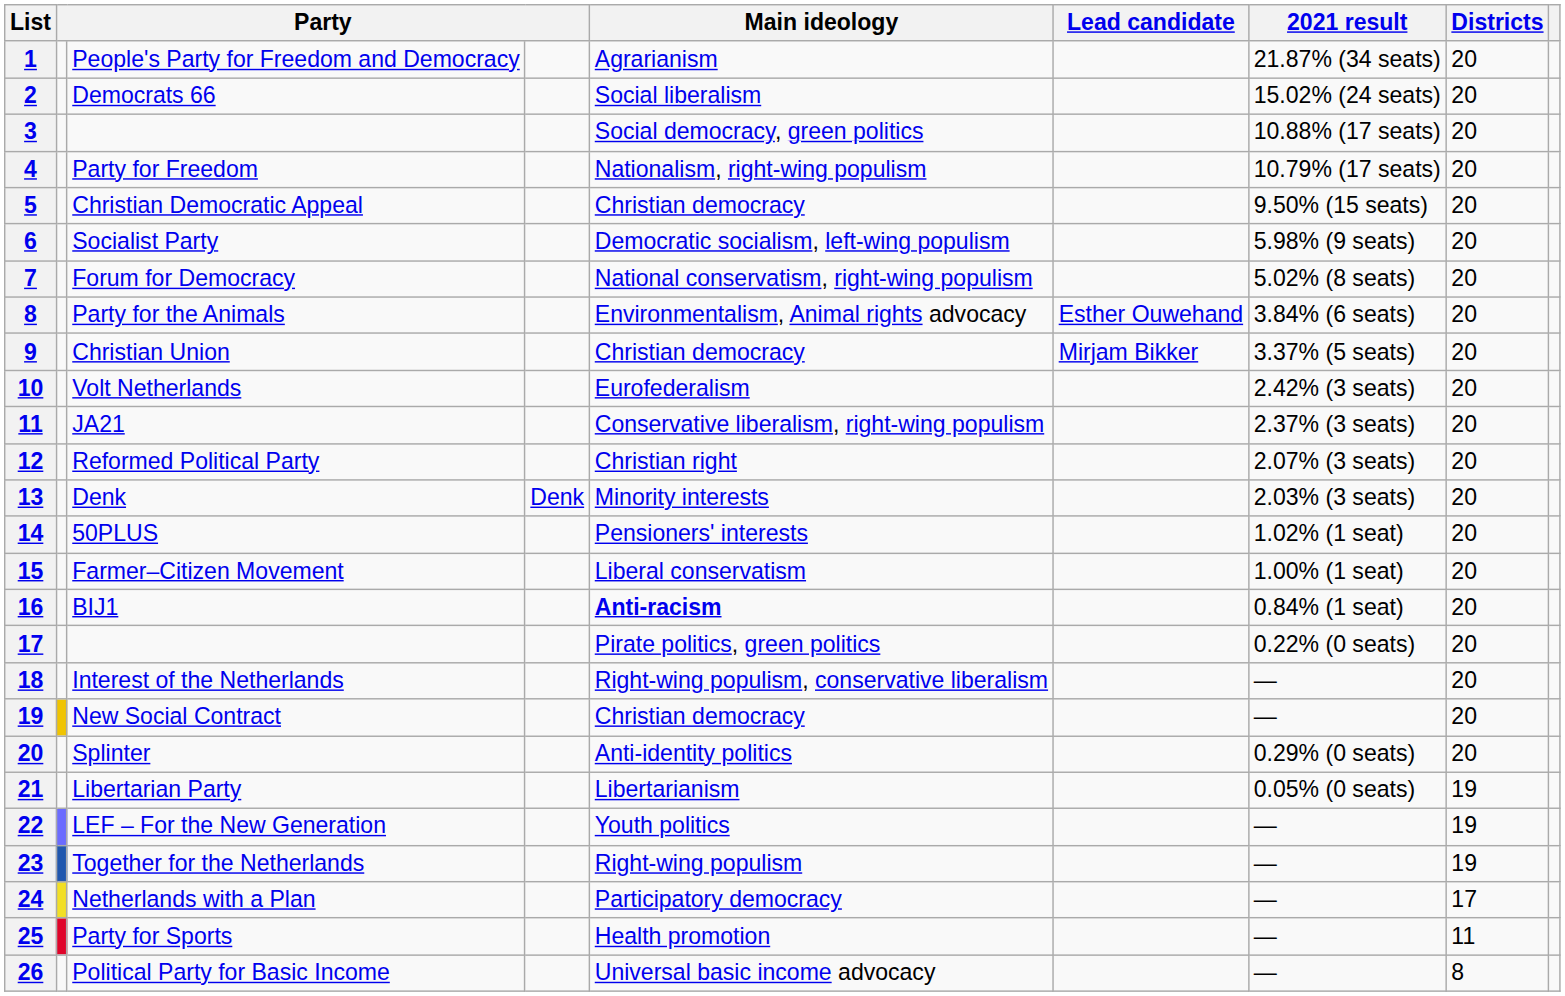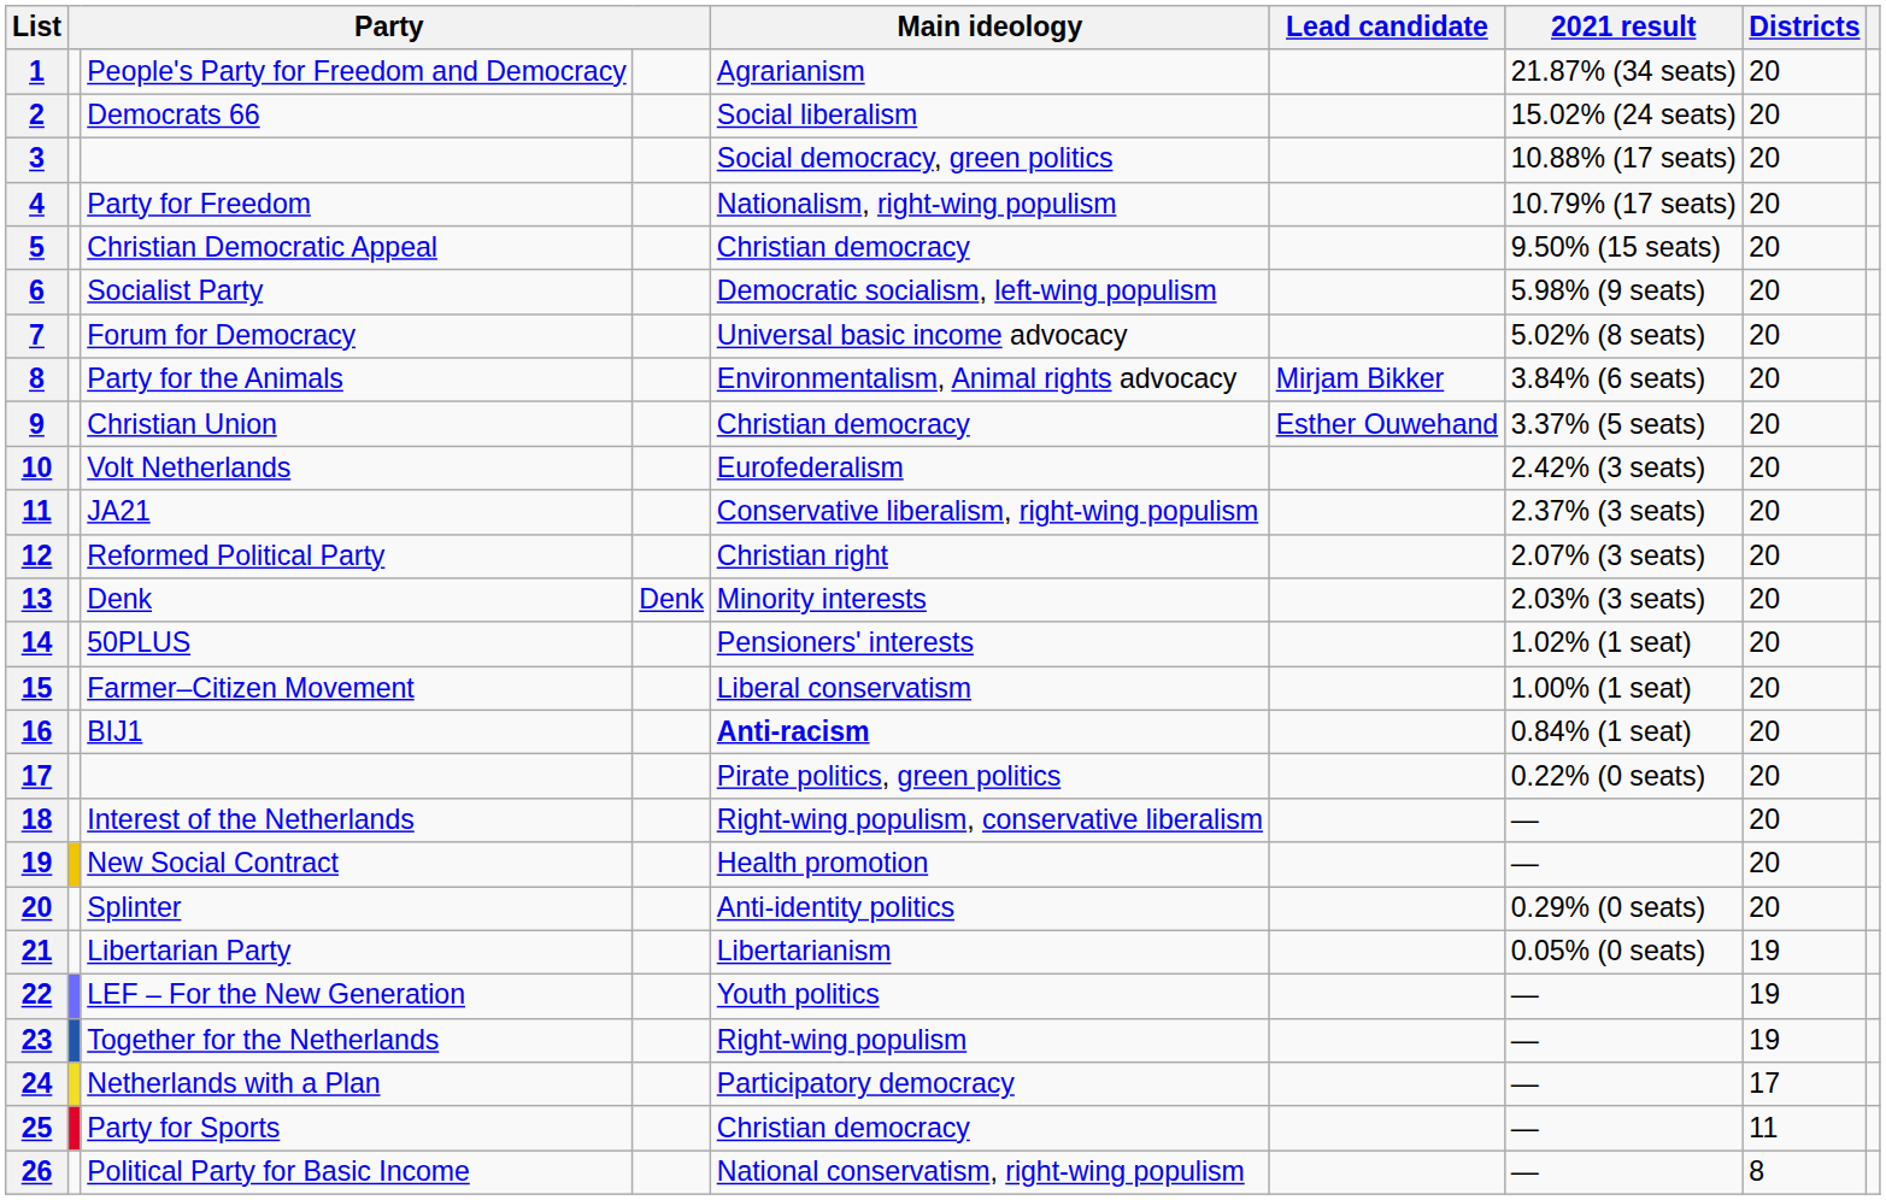 <table class="wikitable sortable">
 <tr>
 <th>List</th>
 <th colspan="3">Party</th>
 <th>Main ideology</th>
 <th><a href='#'>Lead candidate</a></th>
 <th><a href='#'>2021 result</a></th>
 <th><a href='#'>Districts</a></th>
 <th class="unsortable"></th>
 </tr>
 <tr>
 <th scope="row"><a href='#'>1</a></th>
 <td style="background:"></td>
 <td><a href='#'>People's Party for Freedom and Democracy</a></td>
 <td style="text-align:center;"></td>
 <td><a href='#'>Agrarianism</a></td>
 <td></td>
 <td>21.87% (34 seats)</td>
 <td>20</td>
 <td style="text-align:center;"></td>
 </tr>
 <tr>
 <th scope="row"><a href='#'>2</a></th>
 <td style="background:"></td>
 <td><a href='#'>Democrats 66</a></td>
 <td style="text-align:center;"></td>
 <td><a href='#'>Social liberalism</a></td>
 <td></td>
 <td>15.02% (24 seats)</td>
 <td>20</td>
 <td style="text-align:center;"></td>
 </tr>
 <tr>
 <th scope="row"><a href='#'>3</a></th>
 <td style="background:"></td>
 <td></td>
 <td style="text-align:center;"></td>
 <td><a href='#'>Social democracy</a>, <a href='#'>green politics</a></td>
 <td></td>
 <td>10.88% (17 seats)</td>
 <td>20</td>
 <td style="text-align:center;"></td>
 </tr>
 <tr>
 <th scope="row"><a href='#'>4</a></th>
 <td style="background:"></td>
 <td><a href='#'>Party for Freedom</a></td>
 <td style="text-align:center;"></td>
 <td><a href='#'>Nationalism</a>, <a href='#'>right-wing populism</a></td>
 <td></td>
 <td>10.79% (17 seats)</td>
 <td>20</td>
 <td style="text-align:center;"></td>
 </tr>
 <tr>
 <th scope="row"><a href='#'>5</a></th>
 <td style="background:"></td>
 <td><a href='#'>Christian Democratic Appeal</a></td>
 <td style="text-align:center;"></td>
 <td><a href='#'>Christian democracy</a></td>
 <td></td>
 <td>9.50% (15 seats)</td>
 <td>20</td>
 <td style="text-align:center;"></td>
 </tr>
 <tr>
 <th scope="row"><a href='#'>6</a></th>
 <td style="background:"></td>
 <td><a href='#'>Socialist Party</a></td>
 <td style="text-align:center;"></td>
 <td><a href='#'>Democratic socialism</a>, <a href='#'>left-wing populism</a></td>
 <td></td>
 <td>5.98% (9 seats)</td>
 <td>20</td>
 <td style="text-align:center;"></td>
 </tr>
 <tr>
 <th scope="row"><a href='#'>7</a></th>
 <td style="background:"></td>
 <td><a href='#'>Forum for Democracy</a></td>
 <td style="text-align:center;"></td>
-<td><a href='#'>National conservatism</a>, <a href='#'>right-wing populism</a></td>
+<td><a href='#'>Universal basic income</a> advocacy</td>
 <td></td>
 <td>5.02% (8 seats)</td>
 <td>20</td>
 <td style="text-align:center;"></td>
 </tr>
 <tr>
 <th scope="row"><a href='#'>8</a></th>
 <td style="background:"></td>
 <td><a href='#'>Party for the Animals</a></td>
 <td style="text-align:center;"></td>
 <td><a href='#'>Environmentalism</a>, <a href='#'>Animal rights</a> advocacy</td>
-<td><a href='#'>Esther Ouwehand</a></td>
+<td><a href='#'>Mirjam Bikker</a></td>
 <td>3.84% (6 seats)</td>
 <td>20</td>
 <td style="text-align:center;"></td>
 </tr>
 <tr>
 <th scope="row"><a href='#'>9</a></th>
 <td style="background:"></td>
 <td><a href='#'>Christian Union</a></td>
 <td style="text-align:center;"></td>
 <td><a href='#'>Christian democracy</a></td>
-<td><a href='#'>Mirjam Bikker</a></td>
+<td><a href='#'>Esther Ouwehand</a></td>
 <td>3.37% (5 seats)</td>
 <td>20</td>
 <td style="text-align:center;"></td>
 </tr>
 <tr>
 <th scope="row"><a href='#'>10</a></th>
 <td style="background:"></td>
 <td><a href='#'>Volt Netherlands</a></td>
 <td style="text-align:center;"></td>
 <td><a href='#'>Eurofederalism</a></td>
 <td></td>
 <td>2.42% (3 seats)</td>
 <td>20</td>
 <td style="text-align:center;"></td>
 </tr>
 <tr>
 <th scope="row"><a href='#'>11</a></th>
 <td style="background:"></td>
 <td><a href='#'>JA21</a></td>
 <td style="text-align:center;"></td>
 <td><a href='#'>Conservative liberalism</a>, <a href='#'>right-wing populism</a></td>
 <td></td>
 <td>2.37% (3 seats)</td>
 <td>20</td>
 <td style="text-align:center;"></td>
 </tr>
 <tr>
 <th scope="row"><a href='#'>12</a></th>
 <td style="background:"></td>
 <td><a href='#'>Reformed Political Party</a></td>
 <td style="text-align:center;"></td>
 <td><a href='#'>Christian right</a></td>
 <td></td>
 <td>2.07% (3 seats)</td>
 <td>20</td>
 <td style="text-align:center;"></td>
 </tr>
 <tr>
 <th scope="row"><a href='#'>13</a></th>
 <td style="background:"></td>
 <td><a href='#'>Denk</a></td>
 <td style="text-align:center;"><a href='#'>Denk</a></td>
 <td><a href='#'>Minority interests</a></td>
 <td></td>
 <td>2.03% (3 seats)</td>
 <td>20</td>
 <td style="text-align:center;"></td>
 </tr>
 <tr>
 <th scope="row"><a href='#'>14</a></th>
 <td style="background:"></td>
 <td><a href='#'>50PLUS</a></td>
 <td style="text-align:center;"></td>
 <td><a href='#'>Pensioners' interests</a></td>
 <td></td>
 <td>1.02% (1 seat)</td>
 <td>20</td>
 <td style="text-align:center;"></td>
 </tr>
 <tr>
 <th scope="row"><a href='#'>15</a></th>
 <td style="background:"></td>
 <td><a href='#'>Farmer–Citizen Movement</a></td>
 <td style="text-align:center;"></td>
 <td><a href='#'>Liberal conservatism</a></td>
 <td></td>
 <td>1.00% (1 seat)</td>
 <td>20</td>
 <td style="text-align:center;"></td>
 </tr>
 <tr>
 <th scope="row"><a href='#'>16</a></th>
 <td style="background:"></td>
 <td><a href='#'>BIJ1</a></td>
 <td style="text-align:center;"></td>
 <td><strong><a href='#'>Anti-racism</a></strong></td>
 <td></td>
 <td>0.84% (1 seat)</td>
 <td>20</td>
 <td style="text-align:center;"></td>
 </tr>
 <tr>
 <th scope="row"><a href='#'>17</a></th>
 <td style="background:"></td>
 <td></td>
 <td style="text-align:center;"></td>
 <td><a href='#'>Pirate politics</a>, <a href='#'>green politics</a></td>
 <td></td>
 <td>0.22% (0 seats)</td>
 <td>20</td>
 <td style="text-align:center;"></td>
 </tr>
 <tr>
 <th scope="row"><a href='#'>18</a></th>
 <td style="background:"></td>
 <td><a href='#'>Interest of the Netherlands</a></td>
 <td style="text-align:center;"></td>
 <td><a href='#'>Right-wing populism</a>, <a href='#'>conservative liberalism</a></td>
 <td></td>
 <td>—</td>
 <td>20</td>
 <td style="text-align:center;"></td>
 </tr>
 <tr>
 <th scope="row"><a href='#'>19</a></th>
 <td style="background:#F0C400;"></td>
 <td><a href='#'>New Social Contract</a></td>
 <td style="text-align:center;"></td>
-<td><a href='#'>Christian democracy</a></td>
+<td><a href='#'>Health promotion</a></td>
 <td></td>
 <td>—</td>
 <td>20</td>
 <td style="text-align:center;"></td>
 </tr>
 <tr>
 <th scope="row"><a href='#'>20</a></th>
 <td style="background:"></td>
 <td><a href='#'>Splinter</a></td>
 <td style="text-align:center;"></td>
 <td><a href='#'>Anti-identity politics</a></td>
 <td></td>
 <td>0.29% (0 seats)</td>
 <td>20</td>
 <td style="text-align:center;"></td>
 </tr>
 <tr>
 <th scope="row"><a href='#'>21</a></th>
 <td style="background:"></td>
 <td><a href='#'>Libertarian Party</a></td>
 <td style="text-align:center;"></td>
 <td><a href='#'>Libertarianism</a></td>
 <td></td>
 <td>0.05% (0 seats)</td>
 <td>19</td>
 <td style="text-align:center;"></td>
 </tr>
 <tr>
 <th scope="row"><a href='#'>22</a></th>
 <td style="background:#6b6bff;"></td>
 <td><a href='#'>LEF – For the New Generation</a></td>
 <td style="text-align:center;"></td>
 <td><a href='#'>Youth politics</a></td>
 <td></td>
 <td>—</td>
 <td>19</td>
 <td style="text-align:center;"></td>
 </tr>
 <tr>
 <th scope="row"><a href='#'>23</a></th>
 <td style="background:#2057AE;"></td>
 <td><a href='#'>Together for the Netherlands</a></td>
 <td style="text-align:center;"></td>
 <td><a href='#'>Right-wing populism</a></td>
 <td></td>
 <td>—</td>
 <td>19</td>
 <td style="text-align:center;"></td>
 </tr>
 <tr>
 <th scope="row"><a href='#'>24</a></th>
 <td style="background:#F2DF24;"></td>
 <td><a href='#'>Netherlands with a Plan</a></td>
 <td style="text-align:center;"></td>
 <td><a href='#'>Participatory democracy</a></td>
 <td></td>
 <td>—</td>
 <td>17</td>
 <td style="text-align:center;"></td>
 </tr>
 <tr>
 <th scope="row"><a href='#'>25</a></th>
 <td style="background:#e0042a;"></td>
 <td><a href='#'>Party for Sports</a></td>
 <td style="text-align:center;"></td>
-<td><a href='#'>Health promotion</a></td>
+<td><a href='#'>Christian democracy</a></td>
 <td></td>
 <td>—</td>
 <td>11</td>
 <td style="text-align:center;"></td>
 </tr>
 <tr>
 <th scope="row"><a href='#'>26</a></th>
 <td style="background:"></td>
 <td><a href='#'>Political Party for Basic Income</a></td>
 <td style="text-align:center;"></td>
-<td><a href='#'>Universal basic income</a> advocacy</td>
+<td><a href='#'>National conservatism</a>, <a href='#'>right-wing populism</a></td>
 <td></td>
 <td>—</td>
 <td>8</td>
 <td style="text-align:center;"></td>
 </tr>
 </table>
